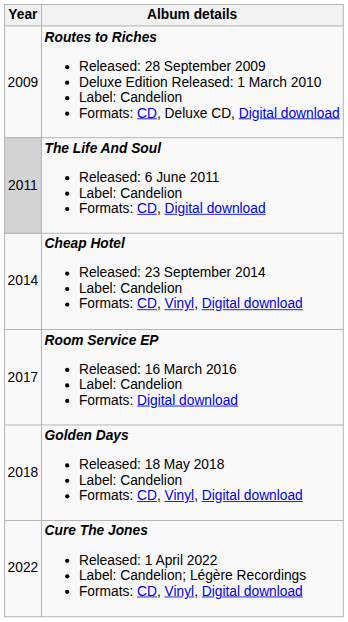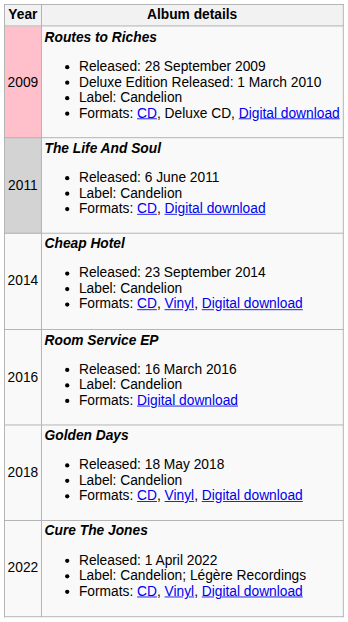 <table class="wikitable" style="text-align:center">
 <tr>
 <th rowspan="1">Year</th>
 <th rowspan="1">Album details</th>
 </tr>
 <tr>
-<td>2009</td>
+<td style="background: pink;">2009</td>
 <td align="left"><strong><em>Routes to Riches</em></strong><br><ul><li>Released: 28 September 2009</li><li>Deluxe Edition Released: 1 March 2010</li><li>Label: Candelion</li><li>Formats: <a href='#'>CD</a>, Deluxe CD, <a href='#'>Digital download</a></li></ul></td>
 </tr>
 <tr>
 <td style="background: lightgrey;">2011</td>
 <td align="left"><strong><em>The Life And Soul</em></strong><br><ul><li>Released: 6 June 2011</li><li>Label: Candelion</li><li>Formats: <a href='#'>CD</a>, <a href='#'>Digital download</a></li></ul></td>
 </tr>
 <tr>
 <td>2014</td>
 <td align="left"><strong><em>Cheap Hotel</em></strong><br><ul><li>Released: 23 September 2014</li><li>Label: Candelion</li><li>Formats: <a href='#'>CD</a>, <a href='#'>Vinyl</a>, <a href='#'>Digital download</a></li></ul></td>
 </tr>
 <tr>
-<td>2017</td>
+<td>2016</td>
 <td align="left"><strong><em>Room Service EP</em></strong><br><ul><li>Released: 16 March 2016</li><li>Label: Candelion</li><li>Formats: <a href='#'>Digital download</a></li></ul></td>
 </tr>
 <tr>
 <td>2018</td>
 <td align="left"><strong><em>Golden Days</em></strong><br><ul><li>Released: 18 May 2018</li><li>Label: Candelion</li><li>Formats: <a href='#'>CD</a>, <a href='#'>Vinyl</a>, <a href='#'>Digital download</a></li></ul></td>
 </tr>
 <tr>
 <td>2022</td>
 <td align="left"><strong><em>Cure The Jones</em></strong><br><ul><li>Released: 1 April 2022</li><li>Label: Candelion; Légère Recordings</li><li>Formats: <a href='#'>CD</a>, <a href='#'>Vinyl</a>, <a href='#'>Digital download</a></li></ul></td>
 </tr>
 </table>
